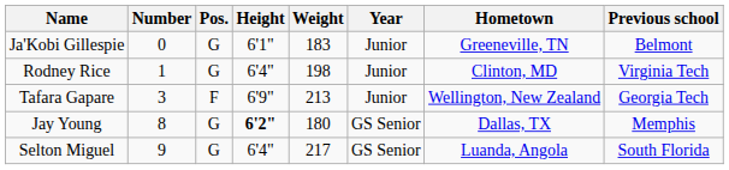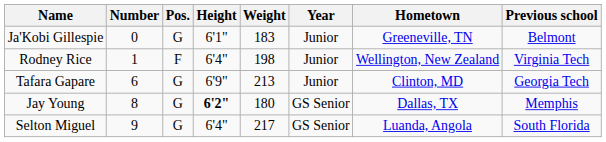 <table class="wikitable sortable sortable" style="text-align:center">
 <tr align=center>
 <th>Name</th>
 <th>Number</th>
 <th>Pos.</th>
 <th>Height</th>
 <th>Weight</th>
 <th>Year</th>
 <th>Hometown</th>
 <th class="unsortable">Previous school</th>
 </tr>
 <tr>
 <td>Ja'Kobi Gillespie</td>
 <td>0</td>
 <td>G</td>
 <td>6'1"</td>
 <td>183</td>
 <td>Junior</td>
 <td><a href='#'>Greeneville, TN</a></td>
 <td><a href='#'>Belmont</a></td>
 </tr>
 <tr>
 <td>Rodney Rice</td>
 <td>1</td>
-<td>G</td>
+<td>F</td>
 <td>6'4"</td>
 <td>198</td>
 <td>Junior</td>
-<td><a href='#'>Clinton, MD</a></td>
+<td><a href='#'>Wellington, New Zealand</a></td>
 <td><a href='#'>Virginia Tech</a></td>
 </tr>
 <tr>
 <td>Tafara Gapare</td>
-<td>3</td>
-<td>F</td>
+<td>6</td>
+<td>G</td>
 <td>6'9"</td>
 <td>213</td>
 <td>Junior</td>
-<td><a href='#'>Wellington, New Zealand</a></td>
+<td><a href='#'>Clinton, MD</a></td>
 <td><a href='#'>Georgia Tech</a></td>
 </tr>
 <tr>
 <td>Jay Young</td>
 <td>8</td>
 <td>G</td>
 <td><strong>6'2"</strong></td>
 <td>180</td>
 <td>GS Senior</td>
 <td><a href='#'>Dallas, TX</a></td>
 <td><a href='#'>Memphis</a></td>
 </tr>
 <tr>
 <td>Selton Miguel</td>
 <td>9</td>
 <td>G</td>
 <td>6'4"</td>
 <td>217</td>
 <td>GS Senior</td>
 <td><a href='#'>Luanda, Angola</a></td>
 <td><a href='#'>South Florida</a></td>
 </tr>
 </table>
